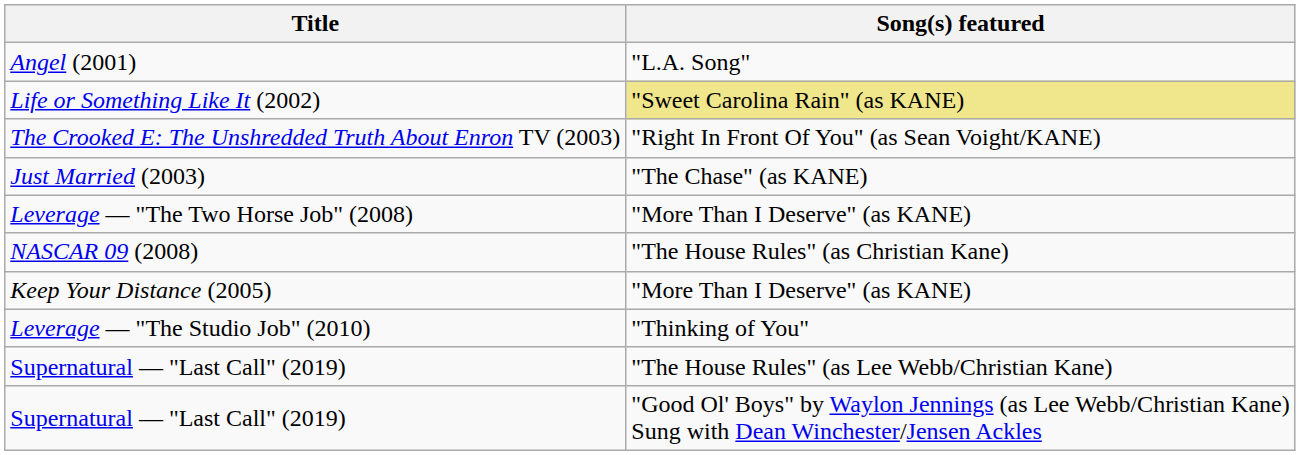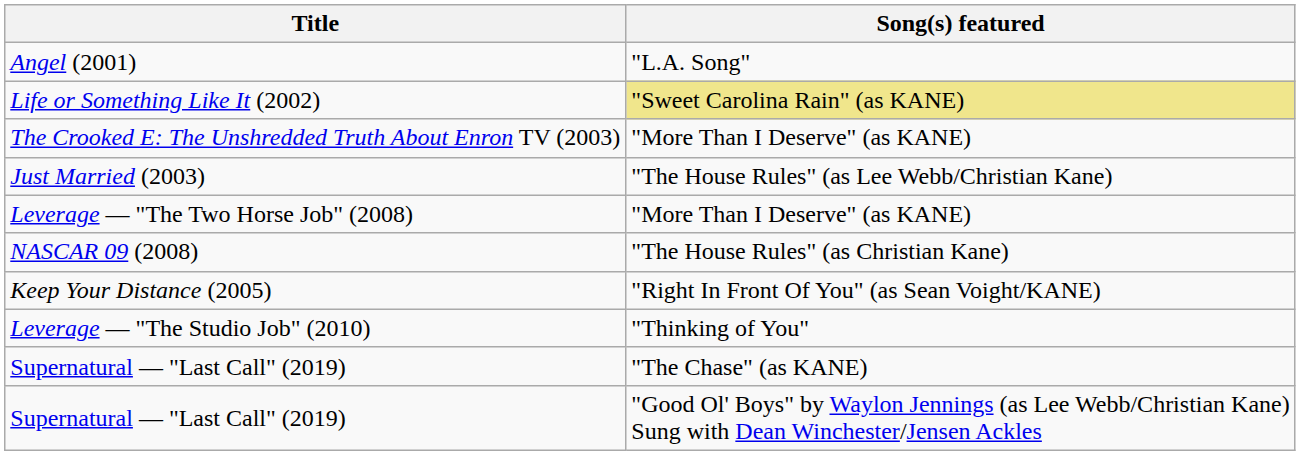 <table class="wikitable">
 <tr>
 <th>Title</th>
 <th>Song(s) featured</th>
 </tr>
 <tr>
 <td><em><a href='#'>Angel</a></em> (2001)</td>
 <td>"L.A. Song"</td>
 </tr>
 <tr>
 <td><em><a href='#'>Life or Something Like It</a></em> (2002)</td>
 <td style="background: khaki;">"Sweet Carolina Rain" (as KANE)</td>
 </tr>
 <tr>
 <td><em><a href='#'>The Crooked E: The Unshredded Truth About Enron</a></em> TV (2003)</td>
-<td>"Right In Front Of You" (as Sean Voight/KANE)</td>
+<td>"More Than I Deserve" (as KANE)</td>
 </tr>
 <tr>
 <td><em><a href='#'>Just Married</a></em> (2003)</td>
-<td>"The Chase" (as KANE)</td>
+<td>"The House Rules" (as Lee Webb/Christian Kane)</td>
 </tr>
 <tr>
 <td><em><a href='#'>Leverage</a></em> — "The Two Horse Job" (2008)</td>
 <td>"More Than I Deserve" (as KANE)</td>
 </tr>
 <tr>
 <td><em><a href='#'>NASCAR 09</a></em> (2008)</td>
 <td>"The House Rules" (as Christian Kane)</td>
 </tr>
 <tr>
 <td><em>Keep Your Distance</em> (2005)</td>
-<td>"More Than I Deserve" (as KANE)</td>
+<td>"Right In Front Of You" (as Sean Voight/KANE)</td>
 </tr>
 <tr>
 <td><em><a href='#'>Leverage</a></em> — "The Studio Job" (2010)</td>
 <td>"Thinking of You"</td>
 </tr>
 <tr>
 <td><a href='#'>Supernatural</a> — "Last Call" (2019)</td>
-<td>"The House Rules" (as Lee Webb/Christian Kane)</td>
+<td>"The Chase" (as KANE)</td>
 </tr>
 <tr>
 <td><a href='#'>Supernatural</a> — "Last Call" (2019)</td>
 <td>"Good Ol' Boys" by <a href='#'>Waylon Jennings</a> (as Lee Webb/Christian Kane)<br>Sung with <a href='#'>Dean Winchester</a>/<a href='#'>Jensen Ackles</a></td>
 </tr>
 </table>
